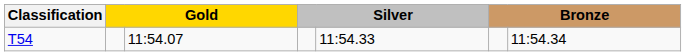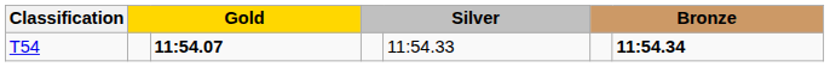 <table class=wikitable style="font-size:100%">
 <tr>
 <th rowspan="1" width="15%">Classification</th>
 <th colspan="2" style="background:gold;">Gold</th>
 <th colspan="2" style="background:silver;">Silver</th>
 <th colspan="2" style="background:#CC9966;">Bronze</th>
 </tr>
 <tr>
 <td><a href='#'>T54</a> <br></td>
 <td></td>
-<td>11:54.07</td>
+<td><strong>11:54.07</strong></td>
 <td></td>
 <td>11:54.33</td>
 <td></td>
-<td>11:54.34</td>
+<td><strong>11:54.34</strong></td>
 </tr>
 </table>
